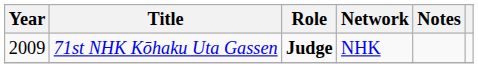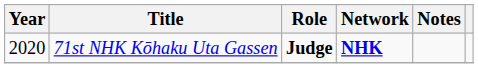 <table class="wikitable">
 <tr>
 <th>Year</th>
 <th>Title</th>
 <th>Role</th>
 <th>Network</th>
 <th>Notes</th>
 <th class="unsortable"></th>
 </tr>
 <tr>
-<td>2009</td>
+<td>2020</td>
 <td><em><a href='#'>71st NHK Kōhaku Uta Gassen</a></em></td>
 <td><strong>Judge</strong></td>
-<td><a href='#'>NHK</a></td>
+<td><strong><a href='#'>NHK</a></strong></td>
 <td></td>
 <td></td>
 </tr>
 <tr>
 </tr>
 </table>
